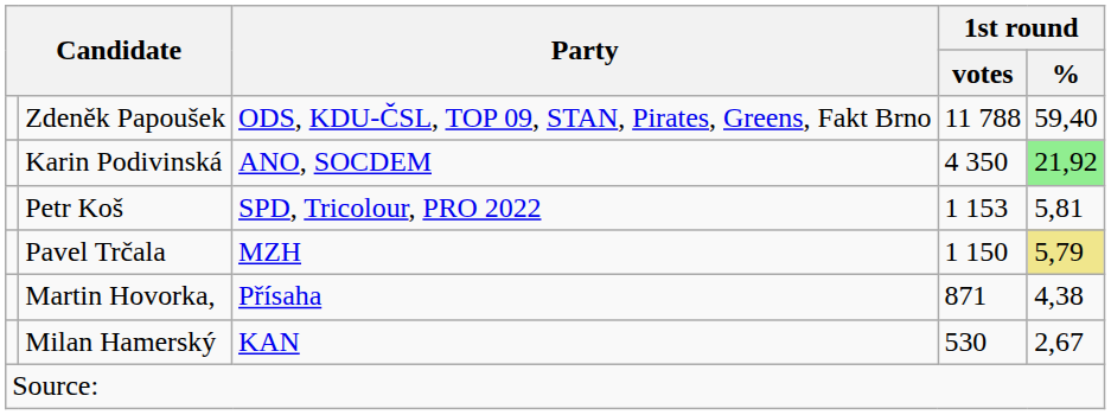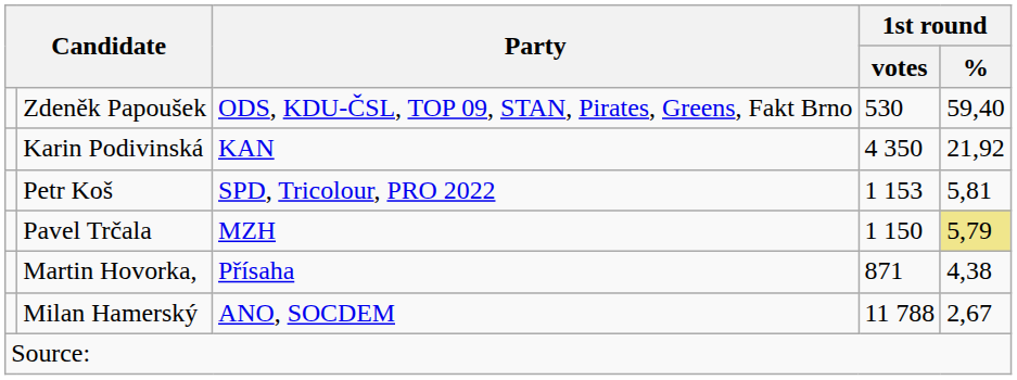 <table class="wikitable">
 <tr>
 <th colspan="2" rowspan="2">Candidate</th>
 <th rowspan="2">Party</th>
 <th colspan="2">1st round</th>
 </tr>
 <tr>
 <th>votes</th>
 <th>%</th>
 </tr>
 <tr>
 <td style="background-color:"></td>
 <td>Zdeněk Papoušek</td>
 <td><a href='#'>ODS</a>, <a href='#'>KDU-ČSL</a>, <a href='#'>TOP 09</a>, <a href='#'>STAN</a>, <a href='#'>Pirates</a>, <a href='#'>Greens</a>, Fakt Brno</td>
-<td>11 788</td>
+<td>530</td>
 <td>59,40</td>
 </tr>
 <tr>
 <td style="background-color:"></td>
 <td>Karin Podivinská</td>
-<td><a href='#'>ANO</a>, <a href='#'>SOCDEM</a></td>
+<td><a href='#'>KAN</a></td>
 <td>4 350</td>
-<td style="background: lightgreen;">21,92</td>
+<td>21,92</td>
 </tr>
 <tr>
 <td style="background-color:"></td>
 <td>Petr Koš</td>
 <td><a href='#'>SPD</a>, <a href='#'>Tricolour</a>, <a href='#'>PRO 2022</a></td>
 <td>1 153</td>
 <td>5,81</td>
 </tr>
 <tr>
 <td style="background-color:"></td>
 <td>Pavel Trčala</td>
 <td><a href='#'>MZH</a></td>
 <td>1 150</td>
 <td style="background: khaki;">5,79</td>
 </tr>
 <tr>
 <td style="background-color:"></td>
 <td>Martin Hovorka,</td>
 <td><a href='#'>Přísaha</a></td>
 <td>871</td>
 <td>4,38</td>
 </tr>
 <tr>
 <td style="background-color:"></td>
 <td>Milan Hamerský</td>
-<td><a href='#'>KAN</a></td>
-<td>530</td>
+<td><a href='#'>ANO</a>, <a href='#'>SOCDEM</a></td>
+<td>11 788</td>
 <td>2,67</td>
 </tr>
 <tr>
 <td colspan="5">Source:</td>
 </tr>
 </table>
